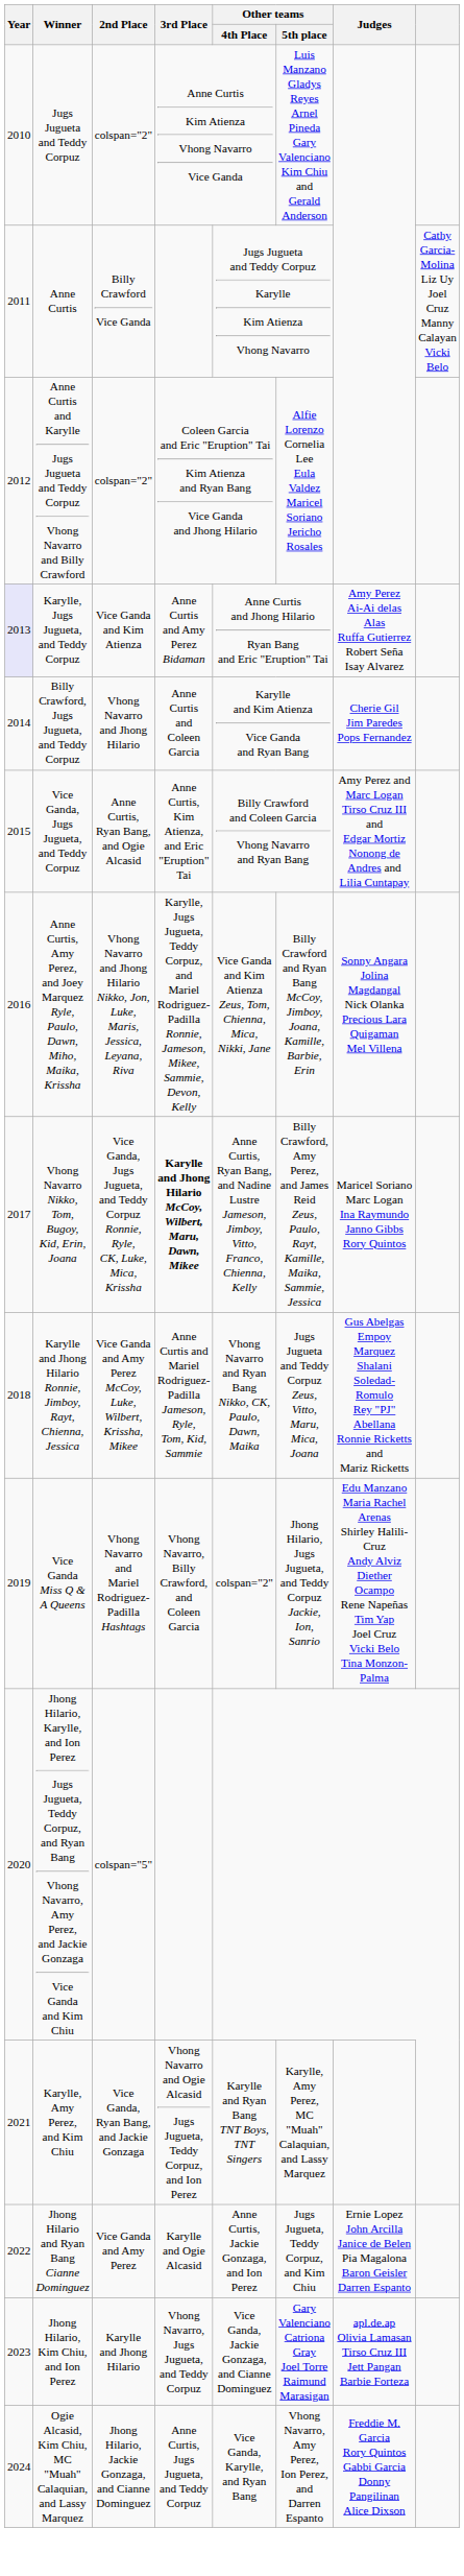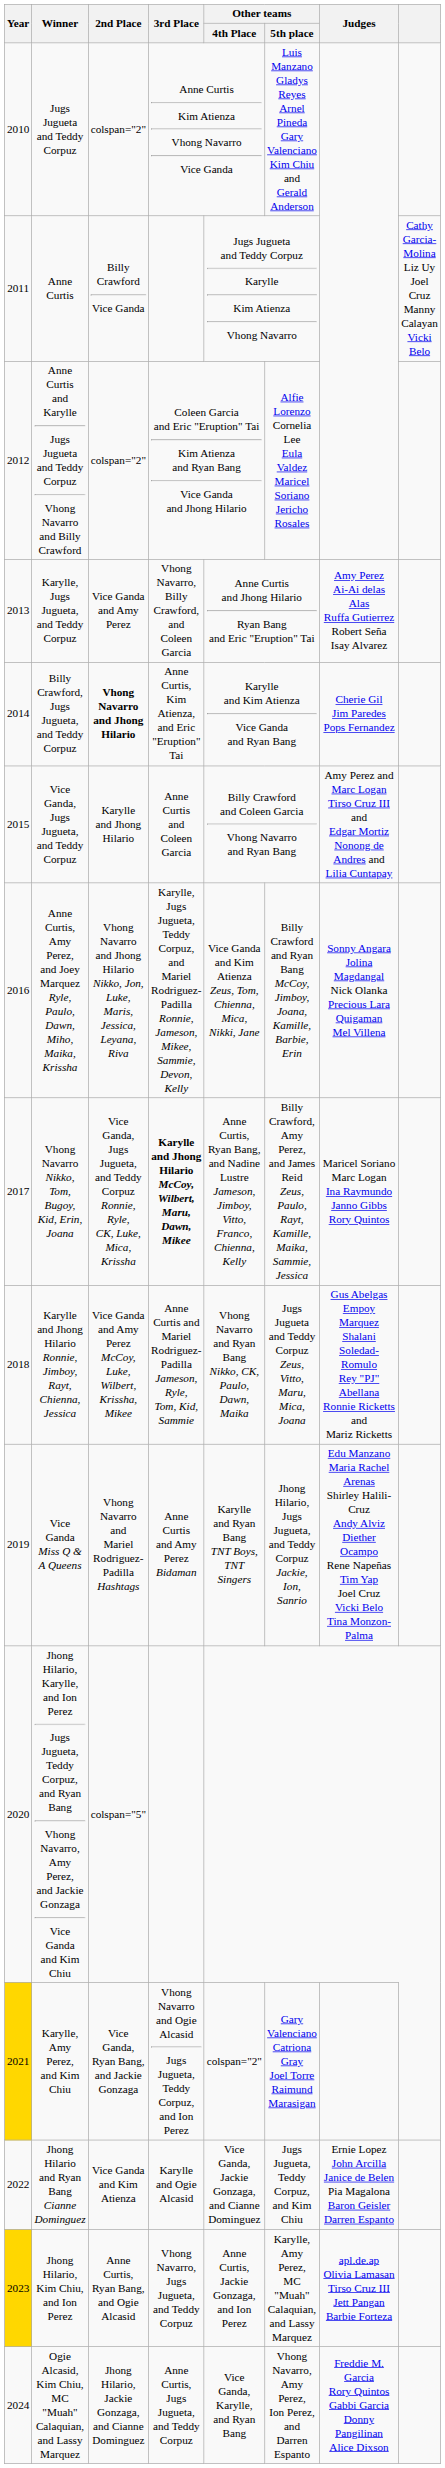 <table class="wikitable sortable" style="margin:1em auto; font-size:100%; line-height:20px; text-align:center">
 <tr>
 <th width="02%" scope="col" rowspan="2">Year</th>
 <th width="12%" scope="col" rowspan="2">Winner</th>
 <th width="12%" scope="col" rowspan="2">2nd Place</th>
 <th width="12%" scope="col" rowspan="2">3rd Place</th>
 <th width="12%" scope="col" colspan="2">Other teams</th>
 <th width="20%" scope="col" rowspan="2">Judges</th>
 <th width="02%" scope="col" rowspan="2"></th>
 </tr>
 <tr>
 <th width="12%" scope="col">4th Place</th>
 <th width="12%" scope="col">5th place</th>
 </tr>
 <tr>
 <td>2010</td>
 <td>Jugs Jugueta<br> and Teddy Corpuz</td>
 <td>colspan="2" </td>
 <td colspan="2">Anne Curtis<hr>Kim Atienza<hr>Vhong Navarro<hr>Vice Ganda</td>
 <td><a href='#'>Luis Manzano</a><br><a href='#'>Gladys Reyes</a><br><a href='#'>Arnel Pineda</a><br><a href='#'>Gary Valenciano</a><br><a href='#'>Kim Chiu</a> and<br><a href='#'>Gerald Anderson</a></td>
 <td rowspan="3"></td>
 </tr>
 <tr>
 <td>2011</td>
 <td>Anne Curtis</td>
 <td>Billy Crawford<hr>Vice Ganda</td>
 <td></td>
 <td colspan="2">Jugs Jugueta<br>and Teddy Corpuz<hr>Karylle<hr>Kim Atienza<hr>Vhong Navarro</td>
 <td><a href='#'>Cathy Garcia-Molina</a><br>Liz Uy<br>Joel Cruz<br>Manny Calayan<br><a href='#'>Vicki Belo</a></td>
 </tr>
 <tr>
 <td>2012</td>
 <td>Anne Curtis<br>and Karylle<hr>Jugs Jugueta<br>and Teddy Corpuz<hr>Vhong Navarro<br>and Billy Crawford</td>
 <td>colspan="2" </td>
 <td colspan="2">Coleen Garcia<br>and Eric "Eruption" Tai<hr>Kim Atienza<br>and Ryan Bang<hr>Vice Ganda <br>and Jhong Hilario</td>
 <td><a href='#'>Alfie Lorenzo</a><br>Cornelia Lee<br><a href='#'>Eula Valdez</a><br><a href='#'>Maricel Soriano</a><br><a href='#'>Jericho Rosales</a></td>
 </tr>
 <tr>
-<td style="background: lavender;">2013</td>
+<td>2013</td>
 <td>Karylle,<br>Jugs Jugueta,<br>and Teddy Corpuz</td>
-<td>Vice Ganda <br>and Kim Atienza</td>
-<td>Anne Curtis<br>and Amy Perez<br><em>Bidaman</em></td>
+<td>Vice Ganda<br>and Amy Perez</td>
+<td>Vhong Navarro,<br>Billy Crawford,<br>and Coleen Garcia</td>
 <td colspan="2">Anne Curtis <br>and Jhong Hilario<hr>Ryan Bang<br>and Eric "Eruption" Tai</td>
 <td><a href='#'>Amy Perez</a><br><a href='#'>Ai-Ai delas Alas</a><br><a href='#'>Ruffa Gutierrez</a><br>Robert Seña<br>Isay Alvarez</td>
 <td></td>
 </tr>
 <tr>
 <td>2014</td>
 <td>Billy Crawford,<br>Jugs Jugueta,<br>and Teddy Corpuz</td>
-<td>Vhong Navarro<br>and Jhong Hilario</td>
-<td>Anne Curtis<br>and Coleen Garcia</td>
+<td><strong>Vhong Navarro<br>and Jhong Hilario</strong></td>
+<td>Anne Curtis,<br>Kim Atienza,<br>and Eric "Eruption" Tai</td>
 <td colspan="2">Karylle <br>and Kim Atienza<hr>Vice Ganda <br>and Ryan Bang</td>
 <td><a href='#'>Cherie Gil</a><br><a href='#'>Jim Paredes</a><br><a href='#'>Pops Fernandez</a></td>
 <td></td>
 </tr>
 <tr>
 <td>2015</td>
 <td>Vice Ganda,<br>Jugs Jugueta,<br>and Teddy Corpuz</td>
-<td>Anne Curtis,<br>Ryan Bang,<br>and Ogie Alcasid</td>
-<td>Anne Curtis,<br>Kim Atienza,<br>and Eric "Eruption" Tai</td>
+<td>Karylle<br>and Jhong Hilario</td>
+<td>Anne Curtis<br>and Coleen Garcia</td>
 <td colspan="2">Billy Crawford<br>and Coleen Garcia<hr>Vhong Navarro<br>and Ryan Bang</td>
 <td>Amy Perez and<br><a href='#'>Marc Logan</a><br><a href='#'>Tirso Cruz III</a> and<br><a href='#'>Edgar Mortiz</a><br><a href='#'>Nonong de Andres</a> and<br><a href='#'>Lilia Cuntapay</a></td>
 <td></td>
 </tr>
 <tr>
 <td>2016</td>
 <td>Anne Curtis,<br>Amy Perez,<br>and Joey Marquez<br><em>Ryle, Paulo,<br>Dawn, Miho, Maika,<br>Krissha</em></td>
 <td>Vhong Navarro<br>and Jhong Hilario<br><em>Nikko, Jon,<br>Luke, Maris,<br>Jessica, Leyana,<br>Riva</em></td>
 <td>Karylle,<br>Jugs Jugueta,<br>Teddy Corpuz, and<br>Mariel Rodriguez-Padilla<br><em>Ronnie, Jameson,<br>Mikee, Sammie,<br>Devon, Kelly</em></td>
 <td>Vice Ganda<br>and Kim Atienza<br><em>Zeus, Tom,<br>Chienna, Mica,<br>Nikki, Jane</em></td>
 <td>Billy Crawford<br>and Ryan Bang<br><em>McCoy, Jimboy,<br>Joana, Kamille,<br>Barbie, Erin</em></td>
 <td><a href='#'>Sonny Angara</a><br><a href='#'>Jolina Magdangal</a><br>Nick Olanka<br><a href='#'>Precious Lara Quigaman</a><br><a href='#'>Mel Villena</a></td>
 <td></td>
 </tr>
 <tr>
 <td>2017</td>
 <td>Vhong Navarro<br><em>Nikko, Tom,<br>Bugoy, Kid, Erin,<br>Joana</em></td>
 <td>Vice Ganda,<br>Jugs Jugueta,<br>and Teddy Corpuz<br><em>Ronnie, Ryle,<br>CK, Luke,<br>Mica, Krissha</em></td>
 <td><strong>Karylle<br>and Jhong Hilario<br><em>McCoy, Wilbert,<br>Maru, Dawn,<br>Mikee</em></strong></td>
 <td>Anne Curtis,<br>Ryan Bang,<br>and Nadine Lustre<br><em>Jameson, Jimboy,<br>Vitto, Franco,<br>Chienna, Kelly</em></td>
 <td>Billy Crawford,<br>Amy Perez,<br>and James Reid<br><em>Zeus, Paulo,<br>Rayt, Kamille,<br>Maika, Sammie, Jessica</em></td>
 <td>Maricel Soriano<br>Marc Logan<br><a href='#'>Ina Raymundo</a><br><a href='#'>Janno Gibbs</a><br><a href='#'>Rory Quintos</a></td>
 <td></td>
 </tr>
 <tr>
 <td>2018</td>
 <td>Karylle<br>and Jhong Hilario<br><em>Ronnie, Jimboy,<br>Rayt, Chienna,<br>Jessica</em></td>
 <td>Vice Ganda<br>and Amy Perez<br><em>McCoy, Luke,<br>Wilbert, Krissha,<br>Mikee</em></td>
 <td>Anne Curtis and<br> Mariel Rodriguez-Padilla<br><em>Jameson, Ryle,<br>Tom, Kid,<br>Sammie</em></td>
 <td>Vhong Navarro<br>and Ryan Bang<br><em>Nikko, CK,<br>Paulo, Dawn,<br>Maika</em></td>
 <td>Jugs Jugueta<br>and Teddy Corpuz<br><em>Zeus, Vitto,<br>Maru, Mica,<br> Joana</em></td>
 <td><a href='#'>Gus Abelgas</a><br><a href='#'>Empoy Marquez</a><br><a href='#'>Shalani Soledad-Romulo</a><br><a href='#'>Rey "PJ" Abellana</a><br><a href='#'>Ronnie Ricketts</a> and<br>Mariz Ricketts</td>
 <td></td>
 </tr>
 <tr>
 <td>2019</td>
 <td>Vice Ganda<br><em>Miss Q & A Queens</em></td>
 <td>Vhong Navarro and<br>Mariel Rodriguez-Padilla<br><em>Hashtags</em></td>
-<td>Vhong Navarro,<br>Billy Crawford,<br>and Coleen Garcia</td>
-<td>colspan="2" </td>
+<td>Anne Curtis<br>and Amy Perez<br><em>Bidaman</em></td>
+<td>Karylle<br>and Ryan Bang<br><em>TNT Boys, <br>TNT Singers</em></td>
 <td>Jhong Hilario,<br>Jugs Jugueta,<br>and Teddy Corpuz <br><em>Jackie, Ion, Sanrio</em></td>
 <td><a href='#'>Edu Manzano</a><br><a href='#'>Maria Rachel Arenas</a><br>Shirley Halili-Cruz<br><a href='#'>Andy Alviz</a><br><a href='#'>Diether Ocampo</a><br>Rene Napeñas<br><a href='#'>Tim Yap</a><br>Joel Cruz<br><a href='#'>Vicki Belo</a><br><a href='#'>Tina Monzon-Palma</a></td>
 <td></td>
 </tr>
 <tr>
 <td>2020</td>
 <td>Jhong Hilario,<br>Karylle,<br>and Ion Perez<hr>Jugs Jugueta,<br>Teddy Corpuz,<br>and Ryan Bang<hr>Vhong Navarro,<br>Amy Perez,<br>and Jackie Gonzaga<hr>Vice Ganda<br>and Kim Chiu</td>
 <td>colspan="5"  </td>
 <td></td>
 </tr>
 <tr>
-<td>2021</td>
+<td style="background: gold;">2021</td>
 <td>Karylle,<br>Amy Perez,<br>and Kim Chiu</td>
 <td>Vice Ganda,<br>Ryan Bang,<br>and Jackie Gonzaga</td>
 <td>Vhong Navarro<br>and Ogie Alcasid<hr>Jugs Jugueta,<br>Teddy Corpuz,<br>and Ion Perez</td>
-<td>Karylle<br>and Ryan Bang<br><em>TNT Boys, <br>TNT Singers</em></td>
-<td>Karylle,<br>Amy Perez,<br>MC "Muah" Calaquian,<br>and Lassy Marquez</td>
+<td>colspan="2" </td>
+<td><a href='#'>Gary Valenciano</a><br><a href='#'>Catriona Gray</a><br><a href='#'>Joel Torre</a><br><a href='#'>Raimund Marasigan</a></td>
 <td></td>
 </tr>
 <tr>
 <td>2022</td>
 <td>Jhong Hilario<br>and Ryan Bang<br><em>Cianne Dominguez</em></td>
-<td>Vice Ganda<br>and Amy Perez</td>
+<td>Vice Ganda <br>and Kim Atienza</td>
 <td>Karylle<br>and Ogie Alcasid</td>
-<td>Anne Curtis,<br>Jackie Gonzaga,<br>and Ion Perez</td>
+<td>Vice Ganda,<br>Jackie Gonzaga,<br>and Cianne Dominguez</td>
 <td>Jugs Jugueta,<br>Teddy Corpuz,<br>and Kim Chiu</td>
 <td>Ernie Lopez<br><a href='#'>John Arcilla</a><br><a href='#'>Janice de Belen</a><br>Pia Magalona<br><a href='#'>Baron Geisler</a><br><a href='#'>Darren Espanto</a></td>
 <td></td>
 </tr>
 <tr>
-<td>2023</td>
+<td style="background: gold;">2023</td>
 <td>Jhong Hilario,<br>Kim Chiu,<br>and Ion Perez</td>
-<td>Karylle<br>and Jhong Hilario</td>
+<td>Anne Curtis,<br>Ryan Bang,<br>and Ogie Alcasid</td>
 <td>Vhong Navarro,<br>Jugs Jugueta,<br>and Teddy Corpuz</td>
-<td>Vice Ganda,<br>Jackie Gonzaga,<br>and Cianne Dominguez</td>
-<td><a href='#'>Gary Valenciano</a><br><a href='#'>Catriona Gray</a><br><a href='#'>Joel Torre</a><br><a href='#'>Raimund Marasigan</a></td>
+<td>Anne Curtis,<br>Jackie Gonzaga,<br>and Ion Perez</td>
+<td>Karylle,<br>Amy Perez,<br>MC "Muah" Calaquian,<br>and Lassy Marquez</td>
 <td><a href='#'>apl.de.ap</a><br><a href='#'>Olivia Lamasan</a><br><a href='#'>Tirso Cruz III</a><br><a href='#'>Jett Pangan</a><br><a href='#'>Barbie Forteza</a></td>
 <td></td>
 </tr>
 <tr>
 <td>2024</td>
 <td>Ogie Alcasid,<br>Kim Chiu,<br>MC "Muah" Calaquian,<br>and Lassy Marquez</td>
 <td>Jhong Hilario,<br>Jackie Gonzaga,<br>and Cianne Dominguez</td>
 <td>Anne Curtis,<br>Jugs Jugueta,<br>and Teddy Corpuz</td>
 <td>Vice Ganda,<br>Karylle,<br>and Ryan Bang</td>
 <td>Vhong Navarro,<br>Amy Perez,<br>Ion Perez,<br>and Darren Espanto</td>
 <td><a href='#'>Freddie M. Garcia</a><br><a href='#'>Rory Quintos</a><br><a href='#'>Gabbi Garcia</a><br><a href='#'>Donny Pangilinan</a><br><a href='#'>Alice Dixson</a></td>
 <td></td>
 </tr>
 </table>
